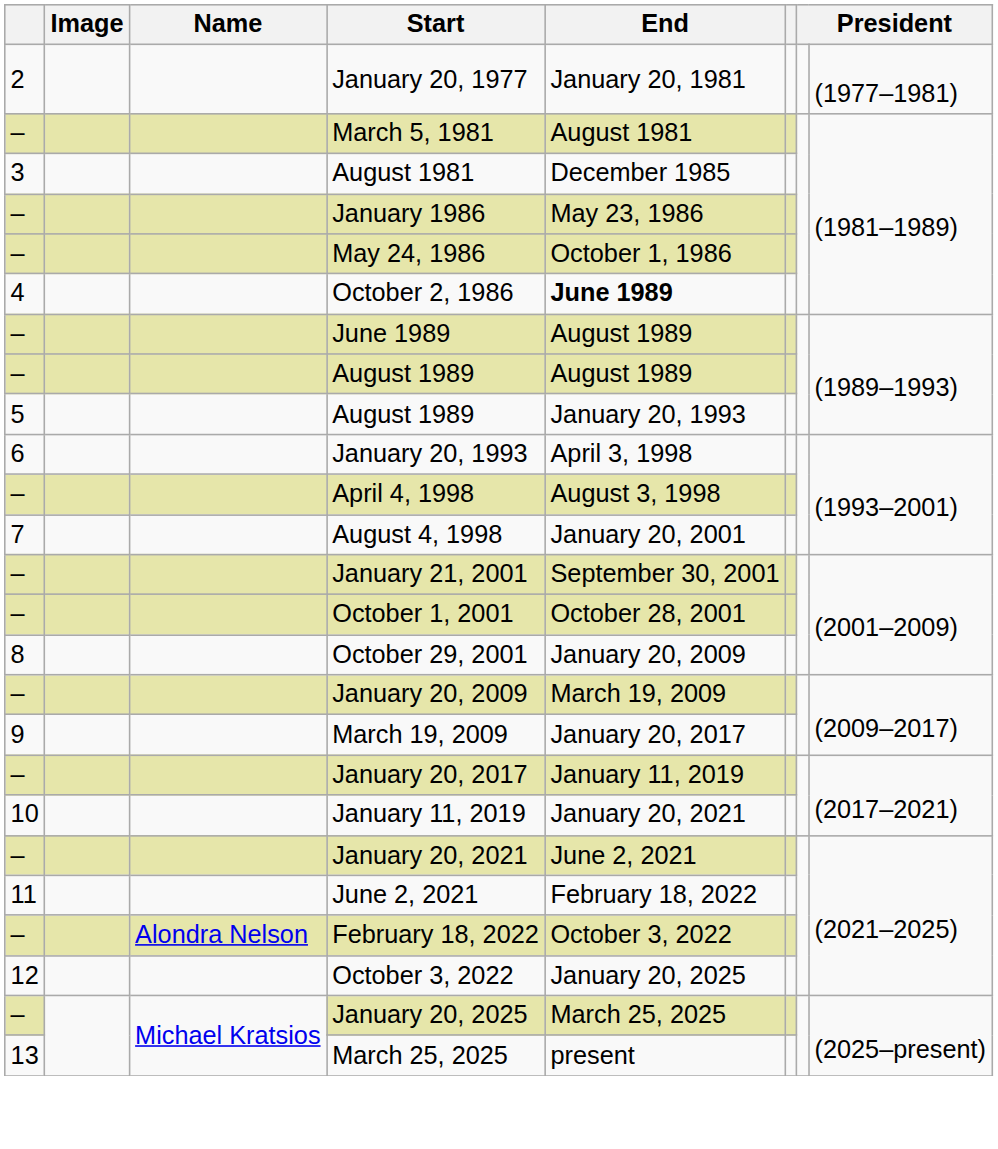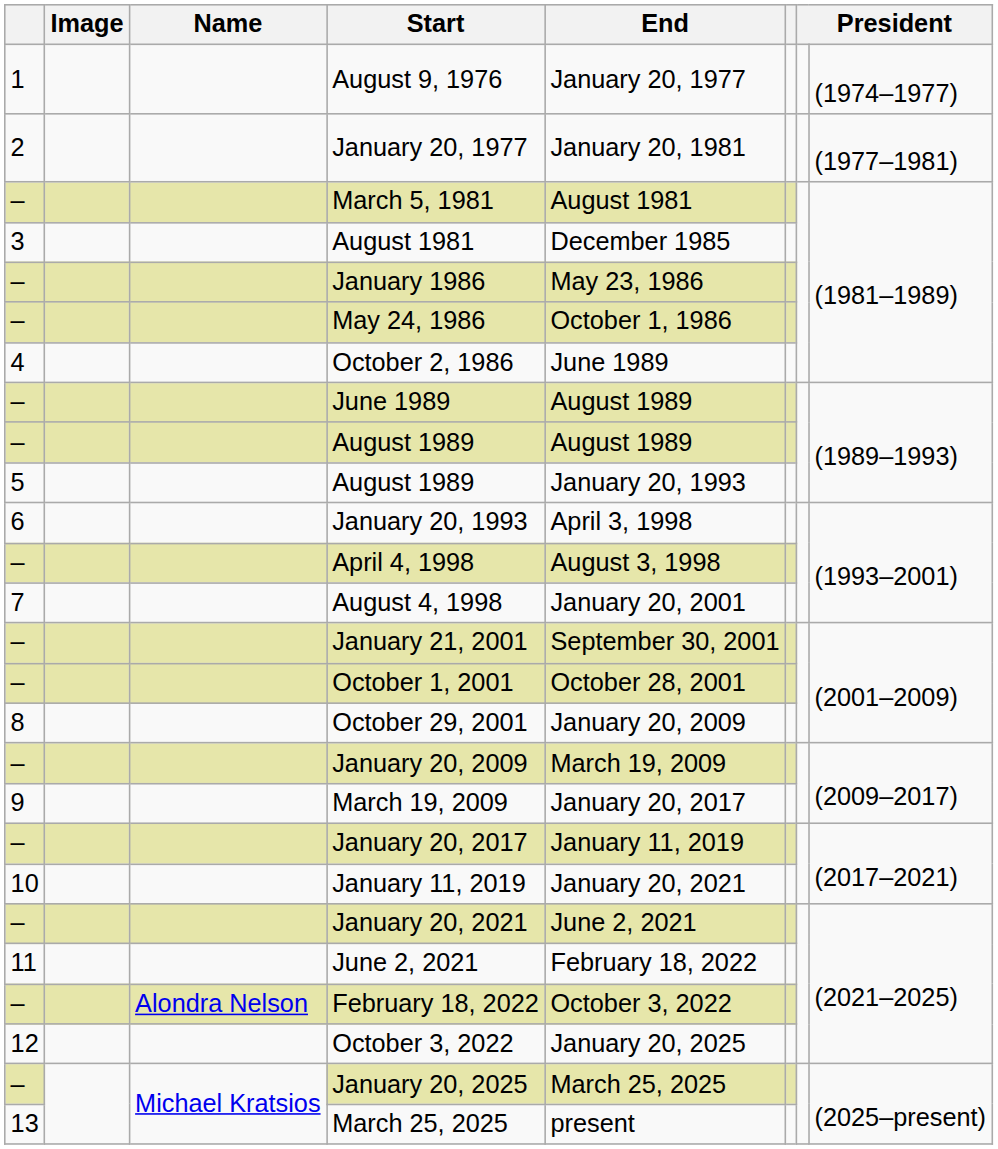 <table class="wikitable sortable plainrowheaders">
 <tr>
 <th></th>
 <th class=unsortable>Image</th>
 <th>Name</th>
 <th>Start</th>
 <th>End</th>
 <th class="unsortable"></th>
 <th colspan=2>President</th>
+</tr>
+<tr>
+<td>1</td>
+<td></td>
+<td></td>
+<td>August 9, 1976</td>
+<td>January 20, 1977</td>
+<td></td>
+<td style="background: "></td>
+<td><br>(1974–1977)</td>
 </tr>
 <tr>
 <td>2</td>
 <td></td>
 <td></td>
 <td>January 20, 1977</td>
 <td>January 20, 1981</td>
 <td></td>
 <td style="background: "></td>
 <td><br>(1977–1981)</td>
 </tr>
 <tr>
 <td bgcolor="#e6e6aa">–</td>
 <td bgcolor="#e6e6aa"></td>
 <td bgcolor="#e6e6aa"><br></td>
 <td bgcolor="#e6e6aa">March 5, 1981</td>
 <td bgcolor="#e6e6aa">August 1981</td>
 <td bgcolor="#e6e6aa"></td>
 <td rowspan=5 style="background: "></td>
 <td rowspan=5><br>(1981–1989)</td>
 </tr>
 <tr>
 <td>3</td>
 <td></td>
 <td></td>
 <td>August 1981</td>
 <td>December 1985</td>
 <td></td>
 </tr>
 <tr bgcolor="#e6e6aa">
 <td>–</td>
 <td></td>
 <td><br></td>
 <td>January 1986</td>
 <td>May 23, 1986</td>
 <td></td>
 </tr>
 <tr bgcolor="#e6e6aa">
 <td>–</td>
 <td></td>
 <td><br></td>
 <td>May 24, 1986</td>
 <td>October 1, 1986</td>
 <td></td>
 </tr>
 <tr>
 <td>4</td>
 <td></td>
 <td></td>
 <td>October 2, 1986</td>
-<td><strong>June 1989</strong></td>
+<td>June 1989</td>
 <td></td>
 </tr>
 <tr>
 <td bgcolor="#e6e6aa">–</td>
 <td bgcolor="#e6e6aa"></td>
 <td bgcolor="#e6e6aa"><br></td>
 <td bgcolor="#e6e6aa">June 1989</td>
 <td bgcolor="#e6e6aa">August 1989</td>
 <td bgcolor="#e6e6aa"></td>
 <td rowspan=3 style="background: "></td>
 <td rowspan=3><br>(1989–1993)</td>
 </tr>
 <tr bgcolor="#e6e6aa">
 <td>–</td>
 <td></td>
 <td><br></td>
 <td>August 1989</td>
 <td>August 1989</td>
 <td></td>
 </tr>
 <tr>
 <td>5</td>
 <td></td>
 <td></td>
 <td>August 1989</td>
 <td>January 20, 1993</td>
 <td></td>
 </tr>
 <tr>
 <td>6</td>
 <td></td>
 <td></td>
 <td>January 20, 1993</td>
 <td>April 3, 1998</td>
 <td></td>
 <td rowspan=3 style="background: "></td>
 <td rowspan=3><br>(1993–2001)</td>
 </tr>
 <tr bgcolor="#e6e6aa">
 <td>–</td>
 <td></td>
 <td><br></td>
 <td>April 4, 1998</td>
 <td>August 3, 1998</td>
 <td></td>
 </tr>
 <tr>
 <td>7</td>
 <td></td>
 <td></td>
 <td>August 4, 1998</td>
 <td>January 20, 2001</td>
 <td></td>
 </tr>
 <tr>
 <td bgcolor="#e6e6aa">–</td>
 <td bgcolor="#e6e6aa"></td>
 <td bgcolor="#e6e6aa"><br></td>
 <td bgcolor="#e6e6aa">January 21, 2001</td>
 <td bgcolor="#e6e6aa" nowrap>September 30, 2001</td>
 <td bgcolor="#e6e6aa"></td>
 <td rowspan=3 style="background: "></td>
 <td rowspan=3><br>(2001–2009)</td>
 </tr>
 <tr bgcolor="#e6e6aa">
 <td>–</td>
 <td></td>
 <td><br></td>
 <td>October 1, 2001</td>
 <td>October 28, 2001</td>
 <td></td>
 </tr>
 <tr>
 <td>8</td>
 <td></td>
 <td></td>
 <td>October 29, 2001</td>
 <td>January 20, 2009</td>
 <td></td>
 </tr>
 <tr>
 <td bgcolor="#e6e6aa">–</td>
 <td bgcolor="#e6e6aa"></td>
 <td bgcolor="#e6e6aa"><br></td>
 <td bgcolor="#e6e6aa">January 20, 2009</td>
 <td bgcolor="#e6e6aa">March 19, 2009</td>
 <td bgcolor="#e6e6aa"></td>
 <td rowspan=2 style="background: "></td>
 <td rowspan=2><br>(2009–2017)</td>
 </tr>
 <tr>
 <td>9</td>
 <td></td>
 <td></td>
 <td>March 19, 2009</td>
 <td>January 20, 2017</td>
 <td></td>
 </tr>
 <tr>
 <td bgcolor="#e6e6aa">–</td>
 <td bgcolor="#e6e6aa"></td>
 <td bgcolor="#e6e6aa"><br></td>
 <td bgcolor="#e6e6aa">January 20, 2017</td>
 <td bgcolor="#e6e6aa">January 11, 2019</td>
 <td bgcolor="#e6e6aa"></td>
 <td rowspan=2 style="background: "></td>
 <td rowspan=2><br>(2017–2021)</td>
 </tr>
 <tr>
 <td>10</td>
 <td></td>
 <td></td>
 <td>January 11, 2019</td>
 <td>January 20, 2021</td>
 <td></td>
 </tr>
 <tr>
 <td bgcolor="#e6e6aa">–</td>
 <td bgcolor="#e6e6aa"></td>
 <td bgcolor="#e6e6aa"><br></td>
 <td bgcolor="#e6e6aa">January 20, 2021</td>
 <td bgcolor="#e6e6aa">June 2, 2021</td>
 <td bgcolor="#e6e6aa"></td>
 <td rowspan=4 style="background: "></td>
 <td rowspan=4><br>(2021–2025)</td>
 </tr>
 <tr>
 <td>11</td>
 <td></td>
 <td></td>
 <td>June 2, 2021</td>
 <td>February 18, 2022</td>
 <td></td>
 </tr>
 <tr bgcolor="#e6e6aa">
 <td>–</td>
 <td></td>
 <td><a href='#'>Alondra Nelson</a><br></td>
 <td>February 18, 2022</td>
 <td>October 3, 2022</td>
 <td></td>
 </tr>
 <tr>
 <td>12</td>
 <td></td>
 <td></td>
 <td>October 3, 2022</td>
 <td>January 20, 2025</td>
 <td></td>
 </tr>
 <tr>
 <td bgcolor="#e6e6aa">–</td>
 <td rowspan=2></td>
 <td rowspan=2><a href='#'>Michael Kratsios</a></td>
 <td bgcolor="#e6e6aa">January 20, 2025</td>
 <td bgcolor="#e6e6aa">March 25, 2025</td>
 <td bgcolor="#e6e6aa"></td>
 <td rowspan=2 style="background: "></td>
 <td rowspan=2><br>(2025–present)</td>
 </tr>
 <tr>
 <td>13</td>
 <td>March 25, 2025</td>
 <td>present</td>
 <td></td>
 </tr>
 </table>
